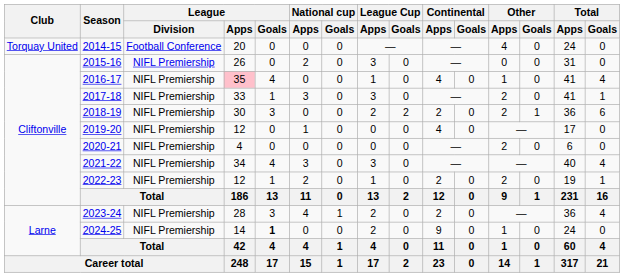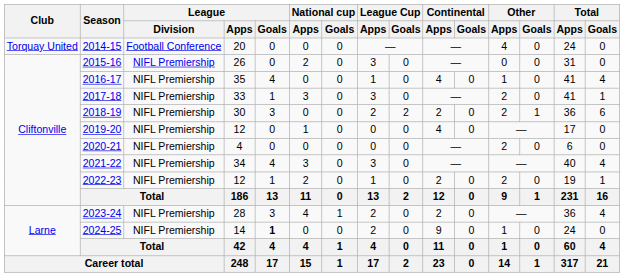 <table class="wikitable" style="text-align:center">
 <tr>
 <th rowspan="2">Club</th>
 <th rowspan="2">Season</th>
 <th colspan="3">League</th>
 <th colspan="2">National cup</th>
 <th colspan="2">League Cup</th>
 <th colspan="2">Continental</th>
 <th colspan="2">Other</th>
 <th colspan="2">Total</th>
 </tr>
 <tr>
 <th>Division</th>
 <th>Apps</th>
 <th>Goals</th>
 <th>Apps</th>
 <th>Goals</th>
 <th>Apps</th>
 <th>Goals</th>
 <th>Apps</th>
 <th>Goals</th>
 <th>Apps</th>
 <th>Goals</th>
 <th>Apps</th>
 <th>Goals</th>
 </tr>
 <tr>
 <td><a href='#'>Torquay United</a></td>
 <td><a href='#'>2014-15</a></td>
 <td><a href='#'>Football Conference</a></td>
 <td>20</td>
 <td>0</td>
 <td>0</td>
 <td>0</td>
 <td colspan="2">—</td>
 <td colspan="2">—</td>
 <td>4</td>
 <td>0</td>
 <td>24</td>
 <td>0</td>
 </tr>
 <tr>
 <td rowspan="9"><a href='#'>Cliftonville</a></td>
 <td><a href='#'>2015-16</a></td>
 <td><a href='#'>NIFL Premiership</a></td>
 <td>26</td>
 <td>0</td>
 <td>2</td>
 <td>0</td>
 <td>3</td>
 <td>0</td>
 <td colspan="2">—</td>
 <td>0</td>
 <td>0</td>
 <td>31</td>
 <td>0</td>
 </tr>
 <tr>
 <td><a href='#'>2016-17</a></td>
 <td>NIFL Premiership</td>
-<td style="background: pink;">35</td>
+<td>35</td>
 <td>4</td>
 <td>0</td>
 <td>0</td>
 <td>1</td>
 <td>0</td>
 <td>4</td>
 <td>0</td>
 <td>1</td>
 <td>0</td>
 <td>41</td>
 <td>4</td>
 </tr>
 <tr>
 <td><a href='#'>2017-18</a></td>
 <td>NIFL Premiership</td>
 <td>33</td>
 <td>1</td>
 <td>3</td>
 <td>0</td>
 <td>3</td>
 <td>0</td>
 <td colspan="2">—</td>
 <td>2</td>
 <td>0</td>
 <td>41</td>
 <td>1</td>
 </tr>
 <tr>
 <td><a href='#'>2018-19</a></td>
 <td>NIFL Premiership</td>
 <td>30</td>
 <td>3</td>
 <td>0</td>
 <td>0</td>
 <td>2</td>
 <td>2</td>
 <td>2</td>
 <td>0</td>
 <td>2</td>
 <td>1</td>
 <td>36</td>
 <td>6</td>
 </tr>
 <tr>
 <td><a href='#'>2019-20</a></td>
 <td>NIFL Premiership</td>
 <td>12</td>
 <td>0</td>
 <td>1</td>
 <td>0</td>
 <td>0</td>
 <td>0</td>
 <td>4</td>
 <td>0</td>
 <td colspan="2">—</td>
 <td>17</td>
 <td>0</td>
 </tr>
 <tr>
 <td><a href='#'>2020-21</a></td>
 <td>NIFL Premiership</td>
 <td>4</td>
 <td>0</td>
 <td>0</td>
 <td>0</td>
 <td>0</td>
 <td>0</td>
 <td colspan="2">—</td>
 <td>2</td>
 <td>0</td>
 <td>6</td>
 <td>0</td>
 </tr>
 <tr>
 <td><a href='#'>2021-22</a></td>
 <td>NIFL Premiership</td>
 <td>34</td>
 <td>4</td>
 <td>3</td>
 <td>0</td>
 <td>3</td>
 <td>0</td>
 <td colspan="2">—</td>
 <td colspan="2">—</td>
 <td>40</td>
 <td>4</td>
 </tr>
 <tr>
 <td><a href='#'>2022-23</a></td>
 <td>NIFL Premiership</td>
 <td>12</td>
 <td>1</td>
 <td>2</td>
 <td>0</td>
 <td>1</td>
 <td>0</td>
 <td>2</td>
 <td>0</td>
 <td>2</td>
 <td>0</td>
 <td>19</td>
 <td>1</td>
 </tr>
 <tr>
 <th colspan="2">Total</th>
 <th>186</th>
 <th>13</th>
 <th>11</th>
 <th>0</th>
 <th>13</th>
 <th>2</th>
 <th>12</th>
 <th>0</th>
 <th>9</th>
 <th>1</th>
 <th>231</th>
 <th>16</th>
 </tr>
 <tr>
 <td rowspan="3"><a href='#'>Larne</a></td>
 <td><a href='#'>2023-24</a></td>
 <td>NIFL Premiership</td>
 <td>28</td>
 <td>3</td>
 <td>4</td>
 <td>1</td>
 <td>2</td>
 <td>0</td>
 <td>2</td>
 <td>0</td>
 <td colspan="2">—</td>
 <td>36</td>
 <td>4</td>
 </tr>
 <tr>
 <td><a href='#'>2024-25</a></td>
 <td>NIFL Premiership</td>
 <td>14</td>
 <td><strong>1</strong></td>
 <td>0</td>
 <td>0</td>
 <td>2</td>
 <td>0</td>
 <td>9</td>
 <td>0</td>
 <td>1</td>
 <td>0</td>
 <td>24</td>
 <td>0</td>
 </tr>
 <tr>
 <th colspan="2">Total</th>
 <th>42</th>
 <th>4</th>
 <th>4</th>
 <th>1</th>
 <th>4</th>
 <th>0</th>
 <th>11</th>
 <th>0</th>
 <th>1</th>
 <th>0</th>
 <th>60</th>
 <th>4</th>
 </tr>
 <tr>
 <th colspan="3">Career total</th>
 <th>248</th>
 <th>17</th>
 <th>15</th>
 <th>1</th>
 <th>17</th>
 <th>2</th>
 <th>23</th>
 <th>0</th>
 <th>14</th>
 <th>1</th>
 <th>317</th>
 <th>21</th>
 </tr>
 </table>
